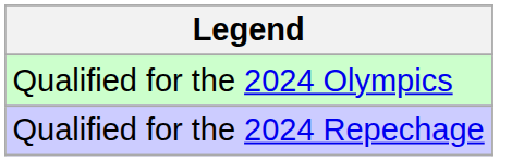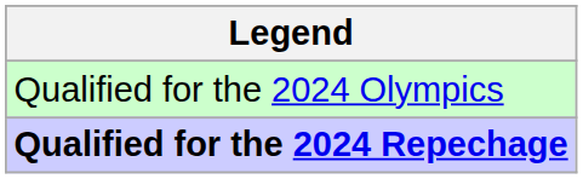 <table class="wikitable">
 <tr>
 <th>Legend</th>
 </tr>
 <tr bgcolor=ccffcc>
 <td>Qualified for the <a href='#'>2024 Olympics</a></td>
 </tr>
 <tr bgcolor=ccccff>
-<td>Qualified for the <a href='#'>2024 Repechage</a></td>
+<td><strong>Qualified for the <a href='#'>2024 Repechage</a></strong></td>
 </tr>
 </table>
